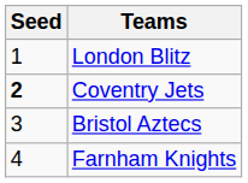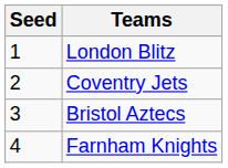 <table class="wikitable">
 <tr>
 <th>Seed</th>
 <th>Teams</th>
 </tr>
 <tr>
 <td>1</td>
 <td><a href='#'>London Blitz</a></td>
 </tr>
 <tr>
-<td><strong>2</strong></td>
+<td>2</td>
 <td><a href='#'>Coventry Jets</a></td>
 </tr>
 <tr>
 <td>3</td>
 <td><a href='#'>Bristol Aztecs</a></td>
 </tr>
 <tr>
 <td>4</td>
 <td><a href='#'>Farnham Knights</a></td>
 </tr>
 </table>
